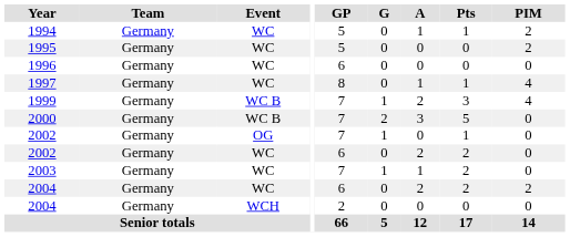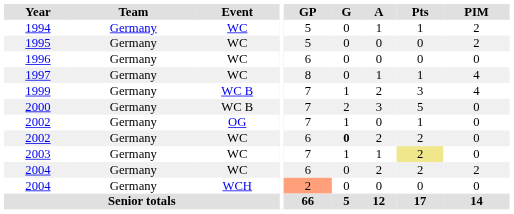 <table border="0" cellpadding="1" cellspacing="0" ID="Table3" style="text-align:center; width:40em">
 <tr ALIGN="center" bgcolor="#e0e0e0">
 <th>Year</th>
 <th>Team</th>
 <th>Event</th>
 <th rowspan="99" bgcolor="#ffffff"></th>
 <th>GP</th>
 <th>G</th>
 <th>A</th>
 <th>Pts</th>
 <th>PIM</th>
 </tr>
 <tr>
 <td><a href='#'>1994</a></td>
 <td><a href='#'>Germany</a></td>
 <td><a href='#'>WC</a></td>
 <td>5</td>
 <td>0</td>
 <td>1</td>
 <td>1</td>
 <td>2</td>
 </tr>
 <tr bgcolor="#f0f0f0">
 <td><a href='#'>1995</a></td>
 <td>Germany</td>
 <td>WC</td>
 <td>5</td>
 <td>0</td>
 <td>0</td>
 <td>0</td>
 <td>2</td>
 </tr>
 <tr>
 <td><a href='#'>1996</a></td>
 <td>Germany</td>
 <td>WC</td>
 <td>6</td>
 <td>0</td>
 <td>0</td>
 <td>0</td>
 <td>0</td>
 </tr>
 <tr bgcolor="#f0f0f0">
 <td><a href='#'>1997</a></td>
 <td>Germany</td>
 <td>WC</td>
 <td>8</td>
 <td>0</td>
 <td>1</td>
 <td>1</td>
 <td>4</td>
 </tr>
 <tr>
 <td><a href='#'>1999</a></td>
 <td>Germany</td>
 <td><a href='#'>WC B</a></td>
 <td>7</td>
 <td>1</td>
 <td>2</td>
 <td>3</td>
 <td>4</td>
 </tr>
 <tr bgcolor="#f0f0f0">
 <td><a href='#'>2000</a></td>
 <td>Germany</td>
 <td>WC B</td>
 <td>7</td>
 <td>2</td>
 <td>3</td>
 <td>5</td>
 <td>0</td>
 </tr>
 <tr>
 <td><a href='#'>2002</a></td>
 <td>Germany</td>
 <td><a href='#'>OG</a></td>
 <td>7</td>
 <td>1</td>
 <td>0</td>
 <td>1</td>
 <td>0</td>
 </tr>
 <tr bgcolor="#f0f0f0">
 <td><a href='#'>2002</a></td>
 <td>Germany</td>
 <td>WC</td>
 <td>6</td>
-<td>0</td>
+<td><strong>0</strong></td>
 <td>2</td>
 <td>2</td>
 <td>0</td>
 </tr>
 <tr>
 <td><a href='#'>2003</a></td>
 <td>Germany</td>
 <td>WC</td>
 <td>7</td>
 <td>1</td>
 <td>1</td>
-<td>2</td>
+<td style="background: khaki;">2</td>
 <td>0</td>
 </tr>
 <tr bgcolor="#f0f0f0">
 <td><a href='#'>2004</a></td>
 <td>Germany</td>
 <td>WC</td>
 <td>6</td>
 <td>0</td>
 <td>2</td>
 <td>2</td>
 <td>2</td>
 </tr>
 <tr>
 <td><a href='#'>2004</a></td>
 <td>Germany</td>
 <td><a href='#'>WCH</a></td>
-<td>2</td>
+<td style="background: lightsalmon;">2</td>
 <td>0</td>
 <td>0</td>
 <td>0</td>
 <td>0</td>
 </tr>
 <tr bgcolor="#e0e0e0">
 <th colspan="3">Senior totals</th>
 <th>66</th>
 <th>5</th>
 <th>12</th>
 <th>17</th>
 <th>14</th>
 </tr>
 </table>
